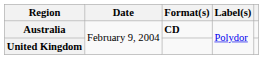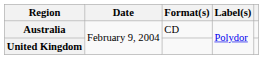 <table class="wikitable plainrowheaders">
 <tr>
 <th scope="col">Region</th>
 <th scope="col">Date</th>
 <th scope="col">Format(s)</th>
 <th scope="col">Label(s)</th>
 <th scope="col"></th>
 </tr>
 <tr>
 <th scope="row">Australia</th>
 <td rowspan="2">February 9, 2004</td>
-<td><strong>CD</strong></td>
+<td>CD</td>
 <td rowspan="2"><a href='#'>Polydor</a></td>
 <td></td>
 </tr>
 <tr>
 <th scope="row">United Kingdom</th>
 <td></td>
 <td></td>
 </tr>
 </table>
